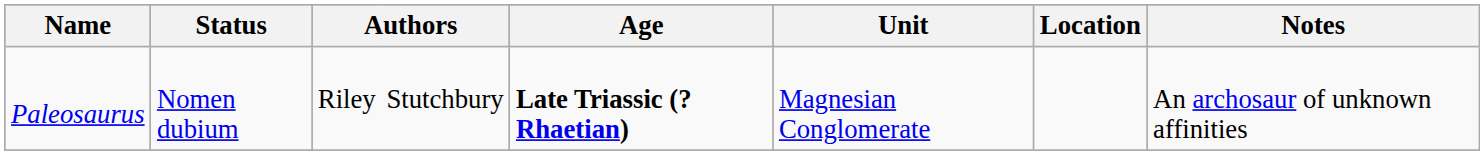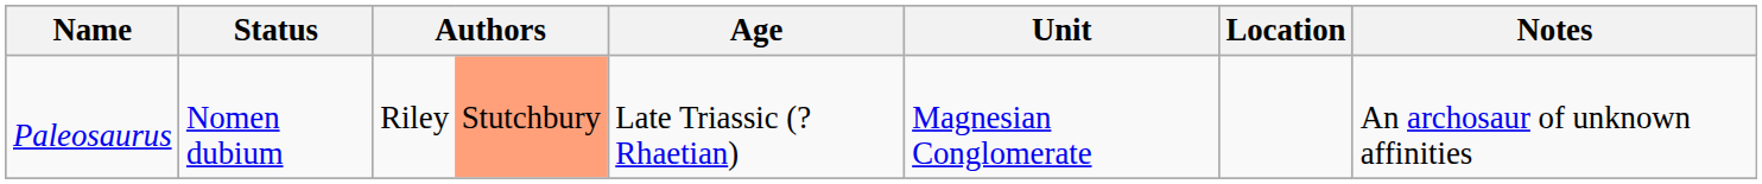 <table class="wikitable sortable" align="center" width="100%">
 <tr>
 <th>Name</th>
 <th>Status</th>
 <th colspan="2">Authors</th>
 <th>Age</th>
 <th>Unit</th>
 <th>Location</th>
 <th>Notes</th>
 </tr>
 <tr>
 <td><br><em><a href='#'>Paleosaurus</a></em></td>
 <td><br><a href='#'>Nomen dubium</a></td>
 <td style="border-right:0px" valign="top"><br>Riley</td>
-<td style="border-left:0px" valign="top"><br>Stutchbury</td>
-<td><strong><br>Late Triassic (?<a href='#'>Rhaetian</a>)</strong></td>
+<td style="background: lightsalmon; border-left:0px" valign="top"><br>Stutchbury</td>
+<td><br>Late Triassic (?<a href='#'>Rhaetian</a>)</td>
 <td><br><a href='#'>Magnesian Conglomerate</a></td>
 <td><br></td>
 <td><br>An <a href='#'>archosaur</a> of unknown affinities</td>
 </tr>
 </table>
